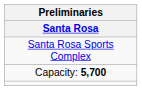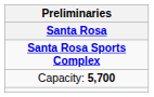 <table class="wikitable" style="text-align:center">
 <tr>
 <th width=200>Preliminaries</th>
 </tr>
 <tr>
 <th><a href='#'>Santa Rosa</a></th>
 </tr>
 <tr>
-<td><a href='#'>Santa Rosa Sports Complex</a></td>
+<td><strong><a href='#'>Santa Rosa Sports Complex</a></strong></td>
 </tr>
 <tr>
 <td>Capacity: <strong>5,700</strong></td>
 </tr>
 <tr>
 <td></td>
 </tr>
 </table>
